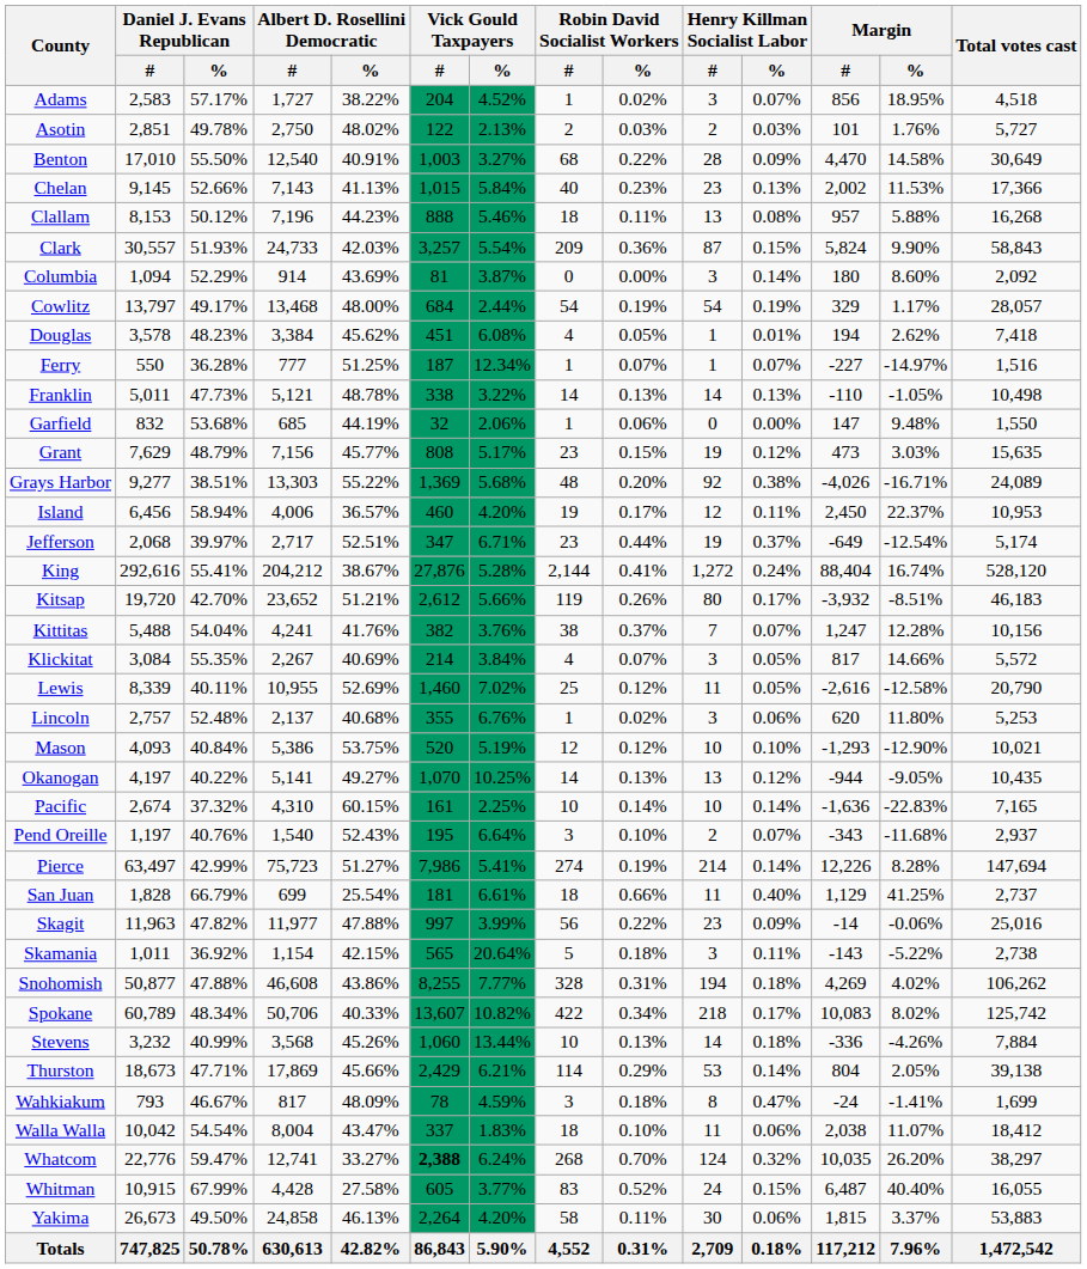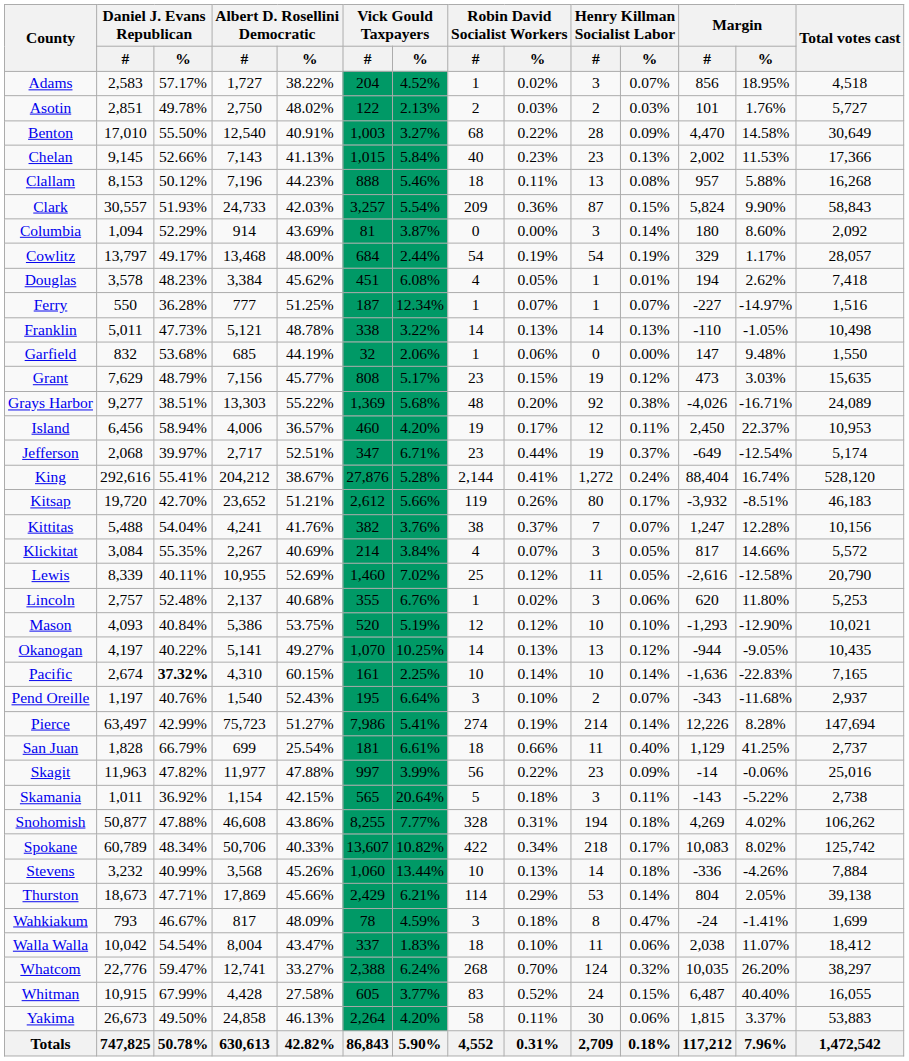 <table class="wikitable sortable">
 <tr>
 <th style="text-align:center;" rowspan="2">County</th>
 <th style="text-align:center;" colspan="2">Daniel J. Evans<br>Republican</th>
 <th style="text-align:center;" colspan="2">Albert D. Rosellini<br>Democratic</th>
 <th style="text-align:center;" colspan="2">Vick Gould<br>Taxpayers</th>
 <th style="text-align:center;" colspan="2">Robin David<br>Socialist Workers</th>
 <th style="text-align:center;" colspan="2">Henry Killman<br>Socialist Labor</th>
 <th style="text-align:center;" colspan="2">Margin</th>
 <th style="text-align:center;" rowspan="2">Total votes cast</th>
 </tr>
 <tr bgcolor="lightgrey">
 <th style="text-align:center;" data-sort-type="number">#</th>
 <th style="text-align:center;" data-sort-type="number">%</th>
 <th style="text-align:center;" data-sort-type="number">#</th>
 <th style="text-align:center;" data-sort-type="number">%</th>
 <th style="text-align:center;" data-sort-type="number">#</th>
 <th style="text-align:center;" data-sort-type="number">%</th>
 <th style="text-align:center;" data-sort-type="number">#</th>
 <th style="text-align:center;" data-sort-type="number">%</th>
 <th style="text-align:center;" data-sort-type="number">#</th>
 <th style="text-align:center;" data-sort-type="number">%</th>
 <th style="text-align:center;" data-sort-type="number">#</th>
 <th style="text-align:center;" data-sort-type="number">%</th>
 </tr>
 <tr style="text-align:center;">
 <td><a href='#'>Adams</a></td>
 <td>2,583</td>
 <td>57.17%</td>
 <td>1,727</td>
 <td>38.22%</td>
 <td bgcolor="#009966">204</td>
 <td bgcolor="#009966">4.52%</td>
 <td>1</td>
 <td>0.02%</td>
 <td>3</td>
 <td>0.07%</td>
 <td>856</td>
 <td>18.95%</td>
 <td>4,518</td>
 </tr>
 <tr style="text-align:center;">
 <td><a href='#'>Asotin</a></td>
 <td>2,851</td>
 <td>49.78%</td>
 <td>2,750</td>
 <td>48.02%</td>
 <td bgcolor="#009966">122</td>
 <td bgcolor="#009966">2.13%</td>
 <td>2</td>
 <td>0.03%</td>
 <td>2</td>
 <td>0.03%</td>
 <td>101</td>
 <td>1.76%</td>
 <td>5,727</td>
 </tr>
 <tr style="text-align:center;">
 <td><a href='#'>Benton</a></td>
 <td>17,010</td>
 <td>55.50%</td>
 <td>12,540</td>
 <td>40.91%</td>
 <td bgcolor="#009966">1,003</td>
 <td bgcolor="#009966">3.27%</td>
 <td>68</td>
 <td>0.22%</td>
 <td>28</td>
 <td>0.09%</td>
 <td>4,470</td>
 <td>14.58%</td>
 <td>30,649</td>
 </tr>
 <tr style="text-align:center;">
 <td><a href='#'>Chelan</a></td>
 <td>9,145</td>
 <td>52.66%</td>
 <td>7,143</td>
 <td>41.13%</td>
 <td bgcolor="#009966">1,015</td>
 <td bgcolor="#009966">5.84%</td>
 <td>40</td>
 <td>0.23%</td>
 <td>23</td>
 <td>0.13%</td>
 <td>2,002</td>
 <td>11.53%</td>
 <td>17,366</td>
 </tr>
 <tr style="text-align:center;">
 <td><a href='#'>Clallam</a></td>
 <td>8,153</td>
 <td>50.12%</td>
 <td>7,196</td>
 <td>44.23%</td>
 <td bgcolor="#009966">888</td>
 <td bgcolor="#009966">5.46%</td>
 <td>18</td>
 <td>0.11%</td>
 <td>13</td>
 <td>0.08%</td>
 <td>957</td>
 <td>5.88%</td>
 <td>16,268</td>
 </tr>
 <tr style="text-align:center;">
 <td><a href='#'>Clark</a></td>
 <td>30,557</td>
 <td>51.93%</td>
 <td>24,733</td>
 <td>42.03%</td>
 <td bgcolor="#009966">3,257</td>
 <td bgcolor="#009966">5.54%</td>
 <td>209</td>
 <td>0.36%</td>
 <td>87</td>
 <td>0.15%</td>
 <td>5,824</td>
 <td>9.90%</td>
 <td>58,843</td>
 </tr>
 <tr style="text-align:center;">
 <td><a href='#'>Columbia</a></td>
 <td>1,094</td>
 <td>52.29%</td>
 <td>914</td>
 <td>43.69%</td>
 <td bgcolor="#009966">81</td>
 <td bgcolor="#009966">3.87%</td>
 <td>0</td>
 <td>0.00%</td>
 <td>3</td>
 <td>0.14%</td>
 <td>180</td>
 <td>8.60%</td>
 <td>2,092</td>
 </tr>
 <tr style="text-align:center;">
 <td><a href='#'>Cowlitz</a></td>
 <td>13,797</td>
 <td>49.17%</td>
 <td>13,468</td>
 <td>48.00%</td>
 <td bgcolor="#009966">684</td>
 <td bgcolor="#009966">2.44%</td>
 <td>54</td>
 <td>0.19%</td>
 <td>54</td>
 <td>0.19%</td>
 <td>329</td>
 <td>1.17%</td>
 <td>28,057</td>
 </tr>
 <tr style="text-align:center;">
 <td><a href='#'>Douglas</a></td>
 <td>3,578</td>
 <td>48.23%</td>
 <td>3,384</td>
 <td>45.62%</td>
 <td bgcolor="#009966">451</td>
 <td bgcolor="#009966">6.08%</td>
 <td>4</td>
 <td>0.05%</td>
 <td>1</td>
 <td>0.01%</td>
 <td>194</td>
 <td>2.62%</td>
 <td>7,418</td>
 </tr>
 <tr style="text-align:center;">
 <td><a href='#'>Ferry</a></td>
 <td>550</td>
 <td>36.28%</td>
 <td>777</td>
 <td>51.25%</td>
 <td bgcolor="#009966">187</td>
 <td bgcolor="#009966">12.34%</td>
 <td>1</td>
 <td>0.07%</td>
 <td>1</td>
 <td>0.07%</td>
 <td>-227</td>
 <td>-14.97%</td>
 <td>1,516</td>
 </tr>
 <tr style="text-align:center;">
 <td><a href='#'>Franklin</a></td>
 <td>5,011</td>
 <td>47.73%</td>
 <td>5,121</td>
 <td>48.78%</td>
 <td bgcolor="#009966">338</td>
 <td bgcolor="#009966">3.22%</td>
 <td>14</td>
 <td>0.13%</td>
 <td>14</td>
 <td>0.13%</td>
 <td>-110</td>
 <td>-1.05%</td>
 <td>10,498</td>
 </tr>
 <tr style="text-align:center;">
 <td><a href='#'>Garfield</a></td>
 <td>832</td>
 <td>53.68%</td>
 <td>685</td>
 <td>44.19%</td>
 <td bgcolor="#009966">32</td>
 <td bgcolor="#009966">2.06%</td>
 <td>1</td>
 <td>0.06%</td>
 <td>0</td>
 <td>0.00%</td>
 <td>147</td>
 <td>9.48%</td>
 <td>1,550</td>
 </tr>
 <tr style="text-align:center;">
 <td><a href='#'>Grant</a></td>
 <td>7,629</td>
 <td>48.79%</td>
 <td>7,156</td>
 <td>45.77%</td>
 <td bgcolor="#009966">808</td>
 <td bgcolor="#009966">5.17%</td>
 <td>23</td>
 <td>0.15%</td>
 <td>19</td>
 <td>0.12%</td>
 <td>473</td>
 <td>3.03%</td>
 <td>15,635</td>
 </tr>
 <tr style="text-align:center;">
 <td><a href='#'>Grays Harbor</a></td>
 <td>9,277</td>
 <td>38.51%</td>
 <td>13,303</td>
 <td>55.22%</td>
 <td bgcolor="#009966">1,369</td>
 <td bgcolor="#009966">5.68%</td>
 <td>48</td>
 <td>0.20%</td>
 <td>92</td>
 <td>0.38%</td>
 <td>-4,026</td>
 <td>-16.71%</td>
 <td>24,089</td>
 </tr>
 <tr style="text-align:center;">
 <td><a href='#'>Island</a></td>
 <td>6,456</td>
 <td>58.94%</td>
 <td>4,006</td>
 <td>36.57%</td>
 <td bgcolor="#009966">460</td>
 <td bgcolor="#009966">4.20%</td>
 <td>19</td>
 <td>0.17%</td>
 <td>12</td>
 <td>0.11%</td>
 <td>2,450</td>
 <td>22.37%</td>
 <td>10,953</td>
 </tr>
 <tr style="text-align:center;">
 <td><a href='#'>Jefferson</a></td>
 <td>2,068</td>
 <td>39.97%</td>
 <td>2,717</td>
 <td>52.51%</td>
 <td bgcolor="#009966">347</td>
 <td bgcolor="#009966">6.71%</td>
 <td>23</td>
 <td>0.44%</td>
 <td>19</td>
 <td>0.37%</td>
 <td>-649</td>
 <td>-12.54%</td>
 <td>5,174</td>
 </tr>
 <tr style="text-align:center;">
 <td><a href='#'>King</a></td>
 <td>292,616</td>
 <td>55.41%</td>
 <td>204,212</td>
 <td>38.67%</td>
 <td bgcolor="#009966">27,876</td>
 <td bgcolor="#009966">5.28%</td>
 <td>2,144</td>
 <td>0.41%</td>
 <td>1,272</td>
 <td>0.24%</td>
 <td>88,404</td>
 <td>16.74%</td>
 <td>528,120</td>
 </tr>
 <tr style="text-align:center;">
 <td><a href='#'>Kitsap</a></td>
 <td>19,720</td>
 <td>42.70%</td>
 <td>23,652</td>
 <td>51.21%</td>
 <td bgcolor="#009966">2,612</td>
 <td bgcolor="#009966">5.66%</td>
 <td>119</td>
 <td>0.26%</td>
 <td>80</td>
 <td>0.17%</td>
 <td>-3,932</td>
 <td>-8.51%</td>
 <td>46,183</td>
 </tr>
 <tr style="text-align:center;">
 <td><a href='#'>Kittitas</a></td>
 <td>5,488</td>
 <td>54.04%</td>
 <td>4,241</td>
 <td>41.76%</td>
 <td bgcolor="#009966">382</td>
 <td bgcolor="#009966">3.76%</td>
 <td>38</td>
 <td>0.37%</td>
 <td>7</td>
 <td>0.07%</td>
 <td>1,247</td>
 <td>12.28%</td>
 <td>10,156</td>
 </tr>
 <tr style="text-align:center;">
 <td><a href='#'>Klickitat</a></td>
 <td>3,084</td>
 <td>55.35%</td>
 <td>2,267</td>
 <td>40.69%</td>
 <td bgcolor="#009966">214</td>
 <td bgcolor="#009966">3.84%</td>
 <td>4</td>
 <td>0.07%</td>
 <td>3</td>
 <td>0.05%</td>
 <td>817</td>
 <td>14.66%</td>
 <td>5,572</td>
 </tr>
 <tr style="text-align:center;">
 <td><a href='#'>Lewis</a></td>
 <td>8,339</td>
 <td>40.11%</td>
 <td>10,955</td>
 <td>52.69%</td>
 <td bgcolor="#009966">1,460</td>
 <td bgcolor="#009966">7.02%</td>
 <td>25</td>
 <td>0.12%</td>
 <td>11</td>
 <td>0.05%</td>
 <td>-2,616</td>
 <td>-12.58%</td>
 <td>20,790</td>
 </tr>
 <tr style="text-align:center;">
 <td><a href='#'>Lincoln</a></td>
 <td>2,757</td>
 <td>52.48%</td>
 <td>2,137</td>
 <td>40.68%</td>
 <td bgcolor="#009966">355</td>
 <td bgcolor="#009966">6.76%</td>
 <td>1</td>
 <td>0.02%</td>
 <td>3</td>
 <td>0.06%</td>
 <td>620</td>
 <td>11.80%</td>
 <td>5,253</td>
 </tr>
 <tr style="text-align:center;">
 <td><a href='#'>Mason</a></td>
 <td>4,093</td>
 <td>40.84%</td>
 <td>5,386</td>
 <td>53.75%</td>
 <td bgcolor="#009966">520</td>
 <td bgcolor="#009966">5.19%</td>
 <td>12</td>
 <td>0.12%</td>
 <td>10</td>
 <td>0.10%</td>
 <td>-1,293</td>
 <td>-12.90%</td>
 <td>10,021</td>
 </tr>
 <tr style="text-align:center;">
 <td><a href='#'>Okanogan</a></td>
 <td>4,197</td>
 <td>40.22%</td>
 <td>5,141</td>
 <td>49.27%</td>
 <td bgcolor="#009966">1,070</td>
 <td bgcolor="#009966">10.25%</td>
 <td>14</td>
 <td>0.13%</td>
 <td>13</td>
 <td>0.12%</td>
 <td>-944</td>
 <td>-9.05%</td>
 <td>10,435</td>
 </tr>
 <tr style="text-align:center;">
 <td><a href='#'>Pacific</a></td>
 <td>2,674</td>
-<td>37.32%</td>
+<td><strong>37.32%</strong></td>
 <td>4,310</td>
 <td>60.15%</td>
 <td bgcolor="#009966">161</td>
 <td bgcolor="#009966">2.25%</td>
 <td>10</td>
 <td>0.14%</td>
 <td>10</td>
 <td>0.14%</td>
 <td>-1,636</td>
 <td>-22.83%</td>
 <td>7,165</td>
 </tr>
 <tr style="text-align:center;">
 <td><a href='#'>Pend Oreille</a></td>
 <td>1,197</td>
 <td>40.76%</td>
 <td>1,540</td>
 <td>52.43%</td>
 <td bgcolor="#009966">195</td>
 <td bgcolor="#009966">6.64%</td>
 <td>3</td>
 <td>0.10%</td>
 <td>2</td>
 <td>0.07%</td>
 <td>-343</td>
 <td>-11.68%</td>
 <td>2,937</td>
 </tr>
 <tr style="text-align:center;">
 <td><a href='#'>Pierce</a></td>
 <td>63,497</td>
 <td>42.99%</td>
 <td>75,723</td>
 <td>51.27%</td>
 <td bgcolor="#009966">7,986</td>
 <td bgcolor="#009966">5.41%</td>
 <td>274</td>
 <td>0.19%</td>
 <td>214</td>
 <td>0.14%</td>
 <td>12,226</td>
 <td>8.28%</td>
 <td>147,694</td>
 </tr>
 <tr style="text-align:center;">
 <td><a href='#'>San Juan</a></td>
 <td>1,828</td>
 <td>66.79%</td>
 <td>699</td>
 <td>25.54%</td>
 <td bgcolor="#009966">181</td>
 <td bgcolor="#009966">6.61%</td>
 <td>18</td>
 <td>0.66%</td>
 <td>11</td>
 <td>0.40%</td>
 <td>1,129</td>
 <td>41.25%</td>
 <td>2,737</td>
 </tr>
 <tr style="text-align:center;">
 <td><a href='#'>Skagit</a></td>
 <td>11,963</td>
 <td>47.82%</td>
 <td>11,977</td>
 <td>47.88%</td>
 <td bgcolor="#009966">997</td>
 <td bgcolor="#009966">3.99%</td>
 <td>56</td>
 <td>0.22%</td>
 <td>23</td>
 <td>0.09%</td>
 <td>-14</td>
 <td>-0.06%</td>
 <td>25,016</td>
 </tr>
 <tr style="text-align:center;">
 <td><a href='#'>Skamania</a></td>
 <td>1,011</td>
 <td>36.92%</td>
 <td>1,154</td>
 <td>42.15%</td>
 <td bgcolor="#009966">565</td>
 <td bgcolor="#009966">20.64%</td>
 <td>5</td>
 <td>0.18%</td>
 <td>3</td>
 <td>0.11%</td>
 <td>-143</td>
 <td>-5.22%</td>
 <td>2,738</td>
 </tr>
 <tr style="text-align:center;">
 <td><a href='#'>Snohomish</a></td>
 <td>50,877</td>
 <td>47.88%</td>
 <td>46,608</td>
 <td>43.86%</td>
 <td bgcolor="#009966">8,255</td>
 <td bgcolor="#009966">7.77%</td>
 <td>328</td>
 <td>0.31%</td>
 <td>194</td>
 <td>0.18%</td>
 <td>4,269</td>
 <td>4.02%</td>
 <td>106,262</td>
 </tr>
 <tr style="text-align:center;">
 <td><a href='#'>Spokane</a></td>
 <td>60,789</td>
 <td>48.34%</td>
 <td>50,706</td>
 <td>40.33%</td>
 <td bgcolor="#009966">13,607</td>
 <td bgcolor="#009966">10.82%</td>
 <td>422</td>
 <td>0.34%</td>
 <td>218</td>
 <td>0.17%</td>
 <td>10,083</td>
 <td>8.02%</td>
 <td>125,742</td>
 </tr>
 <tr style="text-align:center;">
 <td><a href='#'>Stevens</a></td>
 <td>3,232</td>
 <td>40.99%</td>
 <td>3,568</td>
 <td>45.26%</td>
 <td bgcolor="#009966">1,060</td>
 <td bgcolor="#009966">13.44%</td>
 <td>10</td>
 <td>0.13%</td>
 <td>14</td>
 <td>0.18%</td>
 <td>-336</td>
 <td>-4.26%</td>
 <td>7,884</td>
 </tr>
 <tr style="text-align:center;">
 <td><a href='#'>Thurston</a></td>
 <td>18,673</td>
 <td>47.71%</td>
 <td>17,869</td>
 <td>45.66%</td>
 <td bgcolor="#009966">2,429</td>
 <td bgcolor="#009966">6.21%</td>
 <td>114</td>
 <td>0.29%</td>
 <td>53</td>
 <td>0.14%</td>
 <td>804</td>
 <td>2.05%</td>
 <td>39,138</td>
 </tr>
 <tr style="text-align:center;">
 <td><a href='#'>Wahkiakum</a></td>
 <td>793</td>
 <td>46.67%</td>
 <td>817</td>
 <td>48.09%</td>
 <td bgcolor="#009966">78</td>
 <td bgcolor="#009966">4.59%</td>
 <td>3</td>
 <td>0.18%</td>
 <td>8</td>
 <td>0.47%</td>
 <td>-24</td>
 <td>-1.41%</td>
 <td>1,699</td>
 </tr>
 <tr style="text-align:center;">
 <td><a href='#'>Walla Walla</a></td>
 <td>10,042</td>
 <td>54.54%</td>
 <td>8,004</td>
 <td>43.47%</td>
 <td bgcolor="#009966">337</td>
 <td bgcolor="#009966">1.83%</td>
 <td>18</td>
 <td>0.10%</td>
 <td>11</td>
 <td>0.06%</td>
 <td>2,038</td>
 <td>11.07%</td>
 <td>18,412</td>
 </tr>
 <tr style="text-align:center;">
 <td><a href='#'>Whatcom</a></td>
 <td>22,776</td>
 <td>59.47%</td>
 <td>12,741</td>
 <td>33.27%</td>
-<td bgcolor="#009966"><strong>2,388</strong></td>
+<td bgcolor="#009966">2,388</td>
 <td bgcolor="#009966">6.24%</td>
 <td>268</td>
 <td>0.70%</td>
 <td>124</td>
 <td>0.32%</td>
 <td>10,035</td>
 <td>26.20%</td>
 <td>38,297</td>
 </tr>
 <tr style="text-align:center;">
 <td><a href='#'>Whitman</a></td>
 <td>10,915</td>
 <td>67.99%</td>
 <td>4,428</td>
 <td>27.58%</td>
 <td bgcolor="#009966">605</td>
 <td bgcolor="#009966">3.77%</td>
 <td>83</td>
 <td>0.52%</td>
 <td>24</td>
 <td>0.15%</td>
 <td>6,487</td>
 <td>40.40%</td>
 <td>16,055</td>
 </tr>
 <tr style="text-align:center;">
 <td><a href='#'>Yakima</a></td>
 <td>26,673</td>
 <td>49.50%</td>
 <td>24,858</td>
 <td>46.13%</td>
 <td bgcolor="#009966">2,264</td>
 <td bgcolor="#009966">4.20%</td>
 <td>58</td>
 <td>0.11%</td>
 <td>30</td>
 <td>0.06%</td>
 <td>1,815</td>
 <td>3.37%</td>
 <td>53,883</td>
 </tr>
 <tr>
 <th>Totals</th>
 <th>747,825</th>
 <th>50.78%</th>
 <th>630,613</th>
 <th>42.82%</th>
 <th>86,843</th>
 <th>5.90%</th>
 <th>4,552</th>
 <th>0.31%</th>
 <th>2,709</th>
 <th>0.18%</th>
 <th>117,212</th>
 <th>7.96%</th>
 <th>1,472,542</th>
 </tr>
 </table>
